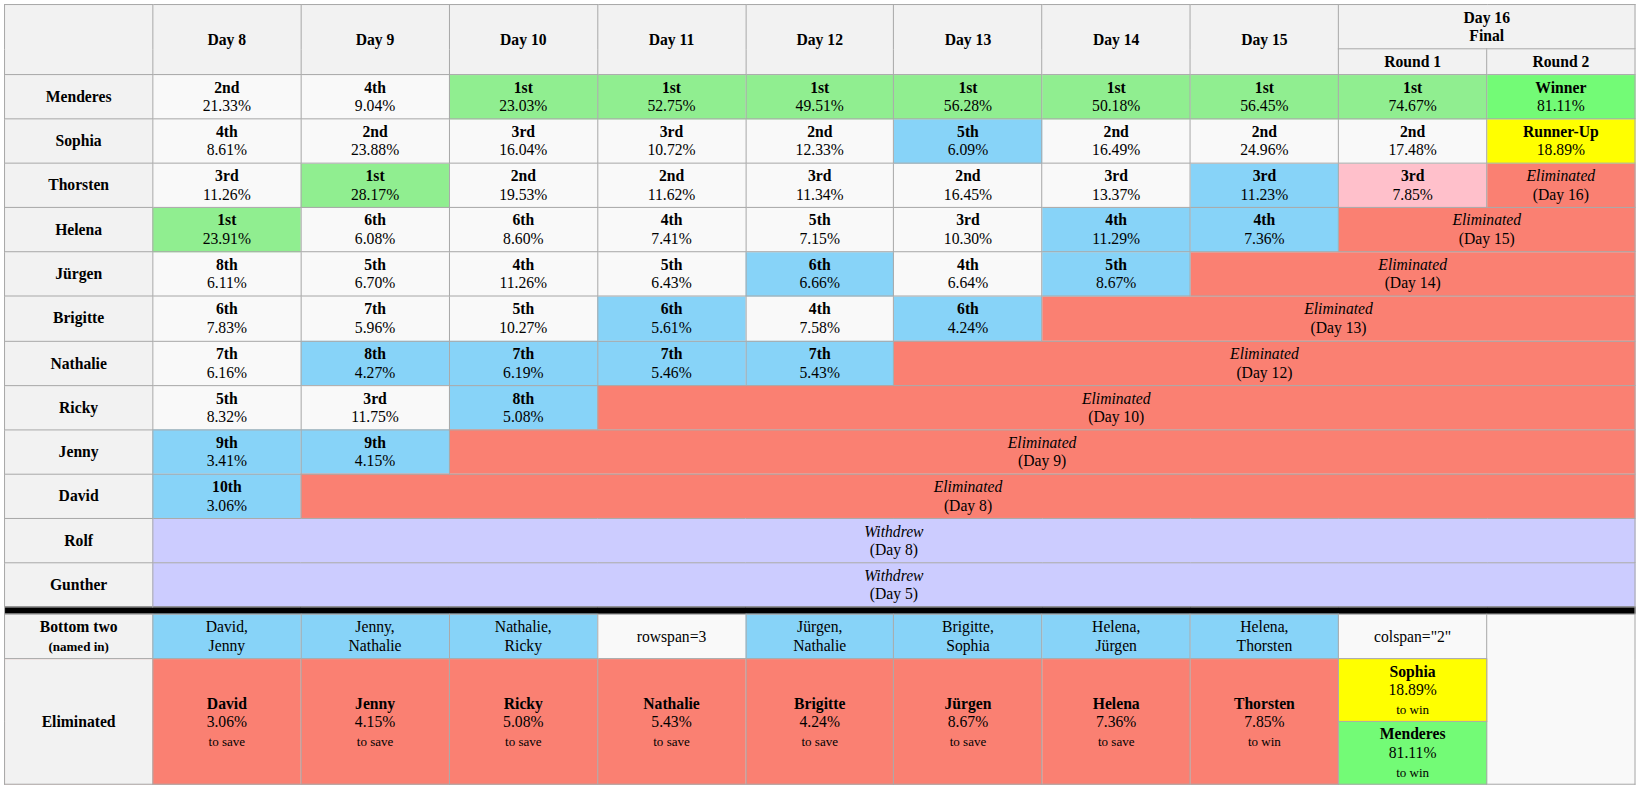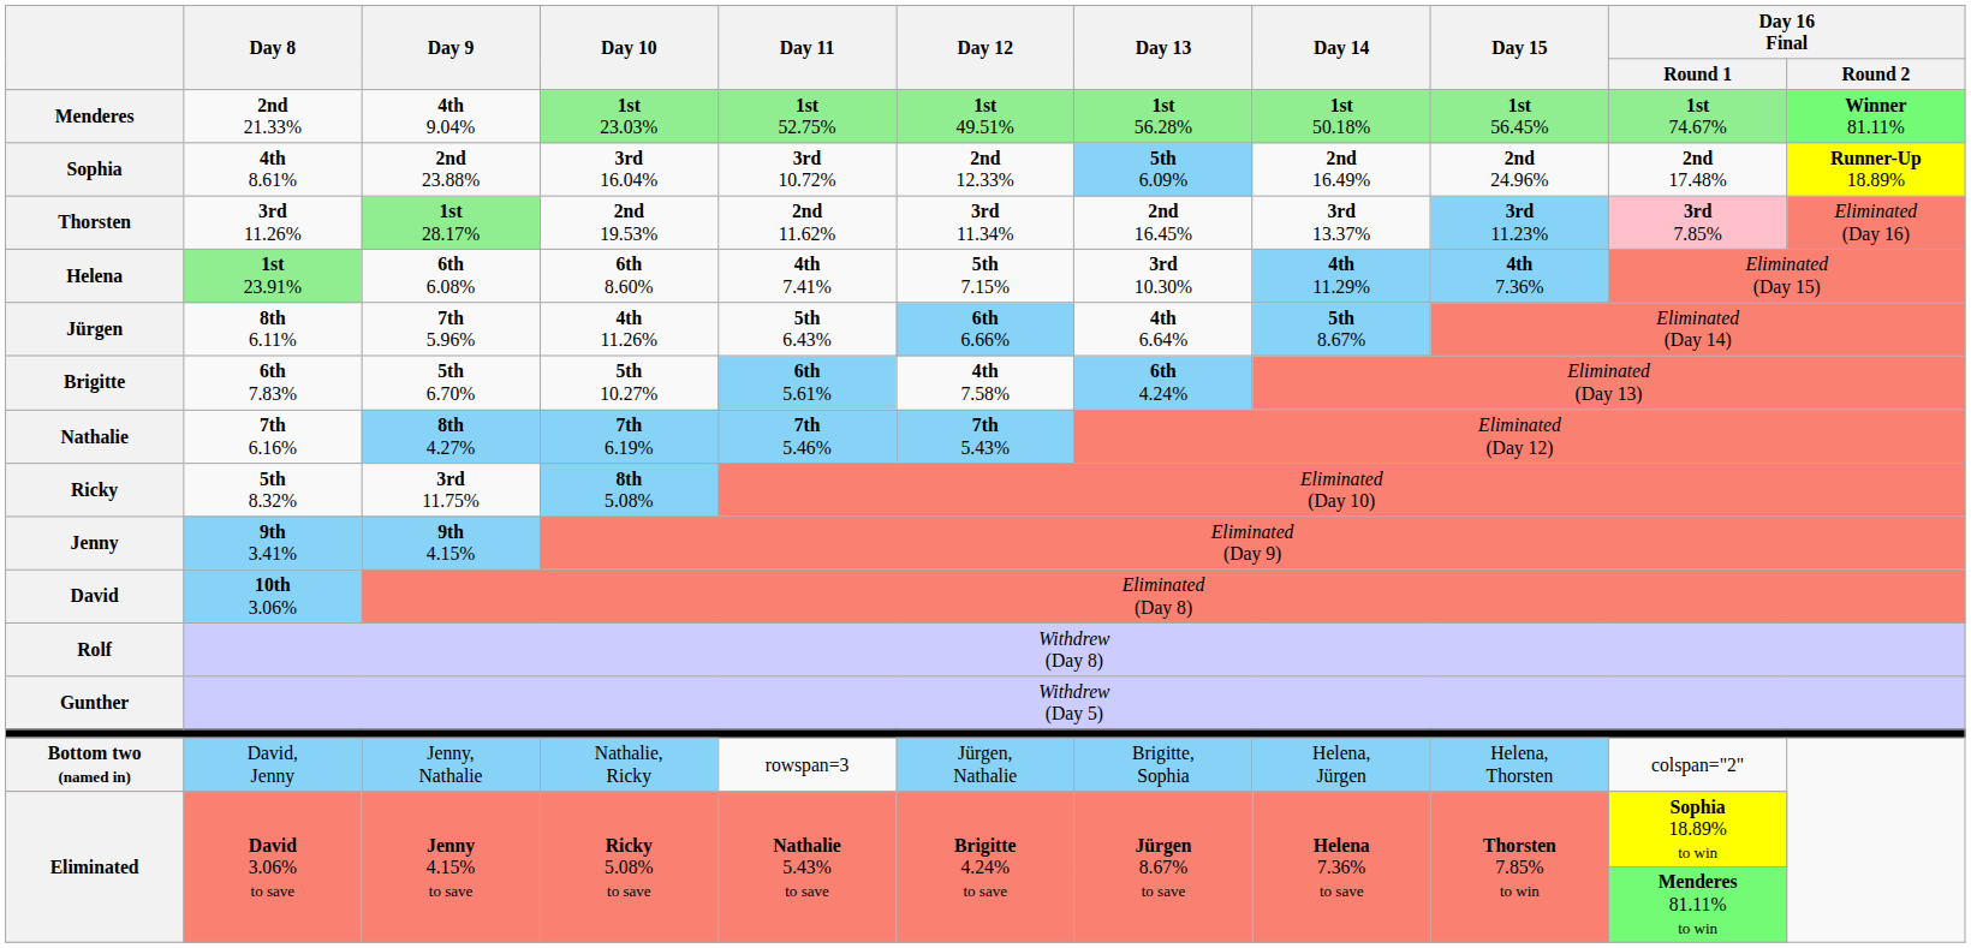 <table class="wikitable" style="text-align:center; font-size:95%; width:100%;">
 <tr>
 <th style="width:6%" rowspan="2"></th>
 <th style="width:6%" rowspan="2">Day 8</th>
 <th style="width:6%" rowspan="2">Day 9</th>
 <th style="width:6%" rowspan="2">Day 10</th>
 <th style="width:6%" rowspan="2">Day 11</th>
 <th style="width:6%" rowspan="2">Day 12</th>
 <th style="width:6%" rowspan="2">Day 13</th>
 <th style="width:6%" rowspan="2">Day 14</th>
 <th style="width:6%" rowspan="2">Day 15</th>
 <th style="width:6%" colspan="2">Day 16<br>Final</th>
 </tr>
 <tr>
 <th style="width:6%">Round 1</th>
 <th style="width:6%">Round 2</th>
 </tr>
 <tr>
 <th>Menderes</th>
 <td><strong>2nd</strong><br>21.33%</td>
 <td><strong>4th</strong><br>9.04%</td>
 <td style="background:lightgreen"><strong>1st</strong><br>23.03%</td>
 <td style="background:lightgreen"><strong>1st</strong><br>52.75%</td>
 <td style="background:lightgreen"><strong>1st</strong><br>49.51%</td>
 <td style="background:lightgreen"><strong>1st</strong><br>56.28%</td>
 <td style="background:lightgreen"><strong>1st</strong><br>50.18%</td>
 <td style="background:lightgreen"><strong>1st</strong><br>56.45%</td>
 <td style="background:lightgreen"><strong>1st</strong><br>74.67%</td>
 <td style="background:#73FB76"><strong>Winner</strong><br>81.11%</td>
 </tr>
 <tr>
 <th>Sophia</th>
 <td><strong>4th</strong><br>8.61%</td>
 <td><strong>2nd</strong><br>23.88%</td>
 <td><strong>3rd</strong><br>16.04%</td>
 <td><strong>3rd</strong><br>10.72%</td>
 <td><strong>2nd</strong><br>12.33%</td>
 <td bgcolor="#87D3F8"><strong>5th</strong><br>6.09%</td>
 <td><strong>2nd</strong><br>16.49%</td>
 <td><strong>2nd</strong><br>24.96%</td>
 <td><strong>2nd</strong><br>17.48%</td>
 <td style="background:yellow"><strong>Runner-Up</strong><br>18.89%</td>
 </tr>
 <tr>
 <th>Thorsten</th>
 <td><strong>3rd</strong><br>11.26%</td>
 <td style="background:lightgreen"><strong>1st</strong><br>28.17%</td>
 <td><strong>2nd</strong><br>19.53%</td>
 <td><strong>2nd</strong><br>11.62%</td>
 <td><strong>3rd</strong><br>11.34%</td>
 <td><strong>2nd</strong><br>16.45%</td>
 <td><strong>3rd</strong><br>13.37%</td>
 <td bgcolor="#87D3F8"><strong>3rd</strong><br>11.23%</td>
 <td bgcolor="pink"><strong>3rd</strong><br>7.85%</td>
 <td bgcolor="salmon" colspan=1><em>Eliminated</em><br>(Day 16)</td>
 </tr>
 <tr>
 <th>Helena</th>
 <td style="background:lightgreen"><strong>1st</strong><br>23.91%</td>
 <td><strong>6th</strong><br>6.08%</td>
 <td><strong>6th</strong><br>8.60%</td>
 <td><strong>4th</strong><br>7.41%</td>
 <td><strong>5th</strong><br>7.15%</td>
 <td><strong>3rd</strong><br>10.30%</td>
 <td bgcolor="#87D3F8"><strong>4th</strong><br>11.29%</td>
 <td bgcolor="#87D3F8"><strong>4th</strong><br>7.36%</td>
 <td bgcolor="salmon" colspan=2><em>Eliminated</em><br>(Day 15)</td>
 </tr>
 <tr>
 <th>Jürgen</th>
 <td><strong>8th</strong><br>6.11%</td>
-<td><strong>5th</strong><br>6.70%</td>
+<td><strong>7th</strong><br>5.96%</td>
 <td><strong>4th</strong><br>11.26%</td>
 <td><strong>5th</strong><br>6.43%</td>
 <td bgcolor="#87D3F8"><strong>6th</strong><br>6.66%</td>
 <td><strong>4th</strong><br>6.64%</td>
 <td bgcolor="#87D3F8"><strong>5th</strong><br>8.67%</td>
 <td bgcolor="salmon" colspan=3><em>Eliminated</em><br>(Day 14)</td>
 </tr>
 <tr>
 <th>Brigitte</th>
 <td><strong>6th</strong><br>7.83%</td>
-<td><strong>7th</strong><br>5.96%</td>
+<td><strong>5th</strong><br>6.70%</td>
 <td><strong>5th</strong><br>10.27%</td>
 <td bgcolor="#87D3F8"><strong>6th</strong><br>5.61%</td>
 <td><strong>4th</strong><br>7.58%</td>
 <td bgcolor="#87D3F8"><strong>6th</strong><br>4.24%</td>
 <td bgcolor="salmon" colspan=4><em>Eliminated</em><br>(Day 13)</td>
 </tr>
 <tr>
 <th>Nathalie</th>
 <td><strong>7th</strong><br>6.16%</td>
 <td bgcolor="#87D3F8"><strong>8th</strong><br>4.27%</td>
 <td bgcolor="#87D3F8"><strong>7th</strong><br>6.19%</td>
 <td bgcolor="#87D3F8"><strong>7th</strong><br>5.46%</td>
 <td bgcolor="#87D3F8"><strong>7th</strong><br>5.43%</td>
 <td bgcolor="salmon" colspan=5><em>Eliminated</em><br>(Day 12)</td>
 </tr>
 <tr>
 <th>Ricky</th>
 <td><strong>5th</strong><br>8.32%</td>
 <td><strong>3rd</strong><br>11.75%</td>
 <td bgcolor="#87D3F8"><strong>8th</strong><br>5.08%</td>
 <td bgcolor="salmon" colspan=7><em>Eliminated</em><br>(Day 10)</td>
 </tr>
 <tr>
 <th>Jenny</th>
 <td bgcolor="#87D3F8"><strong>9th</strong><br>3.41%</td>
 <td bgcolor="#87D3F8"><strong>9th</strong><br>4.15%</td>
 <td bgcolor="salmon" colspan=8><em>Eliminated</em><br>(Day 9)</td>
 </tr>
 <tr>
 <th>David</th>
 <td bgcolor="#87D3F8"><strong>10th</strong><br>3.06%</td>
 <td bgcolor="salmon" colspan=9><em>Eliminated</em><br>(Day 8)</td>
 </tr>
 <tr>
 <th>Rolf</th>
 <td style="background:#ccf;" colspan="10"><em>Withdrew</em><br>(Day 8)</td>
 </tr>
 <tr>
 <th>Gunther</th>
 <td style="background:#ccf;" colspan="10"><em>Withdrew</em><br>(Day 5)</td>
 </tr>
 <tr>
 <td style="background:#000;" colspan="11"></td>
 </tr>
 <tr>
 <th>Bottom two<br><small>(named in)</small></th>
 <td style="background:#87d3f8;">David,<br>Jenny</td>
 <td style="background:#87d3f8;">Jenny,<br>Nathalie</td>
 <td style="background:#87d3f8;">Nathalie,<br>Ricky</td>
 <td>rowspan=3 </td>
 <td style="background:#87d3f8;">Jürgen,<br>Nathalie</td>
 <td style="background:#87d3f8;">Brigitte,<br>Sophia</td>
 <td style="background:#87d3f8;">Helena,<br>Jürgen</td>
 <td style="background:#87d3f8;">Helena,<br>Thorsten</td>
 <td>colspan="2" </td>
 </tr>
 <tr style="background:salmon;">
 <th rowspan="2">Eliminated</th>
 <td rowspan="2"><strong>David</strong><br>3.06%<br><small>to save</small></td>
 <td rowspan="2"><strong>Jenny</strong><br>4.15%<br><small>to save</small></td>
 <td rowspan="2"><strong>Ricky</strong><br>5.08%<br><small>to save</small></td>
 <td rowspan="2"><strong>Nathalie</strong><br>5.43%<br><small>to save</small></td>
 <td rowspan="2"><strong>Brigitte</strong><br>4.24%<br><small>to save</small></td>
 <td rowspan="2"><strong>Jürgen</strong><br>8.67%<br><small>to save</small></td>
 <td rowspan="2"><strong>Helena</strong><br>7.36%<br><small>to save</small></td>
 <td rowspan="2"><strong>Thorsten</strong><br>7.85%<br><small>to win</small></td>
 <td style="background:yellow"><strong>Sophia</strong><br>18.89%<br><small>to win</small></td>
 </tr>
 <tr>
 <td style="background:#73FB76"><strong>Menderes</strong><br>81.11%<br><small>to win</small></td>
 </tr>
 </table>
